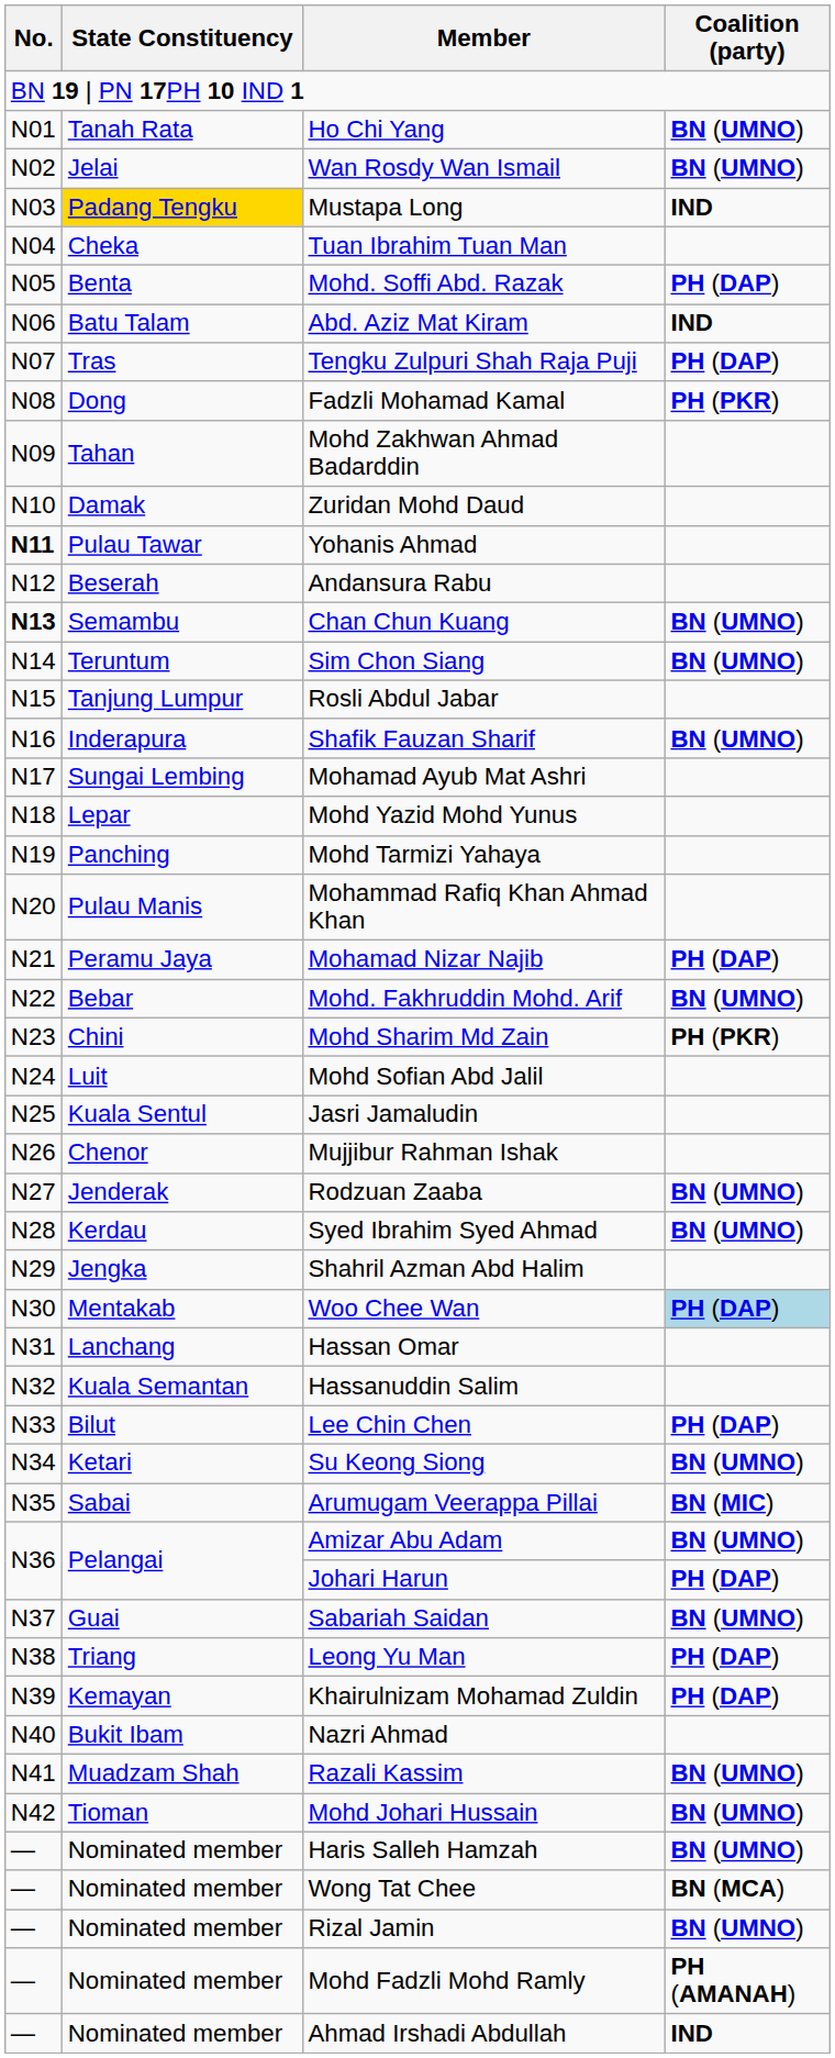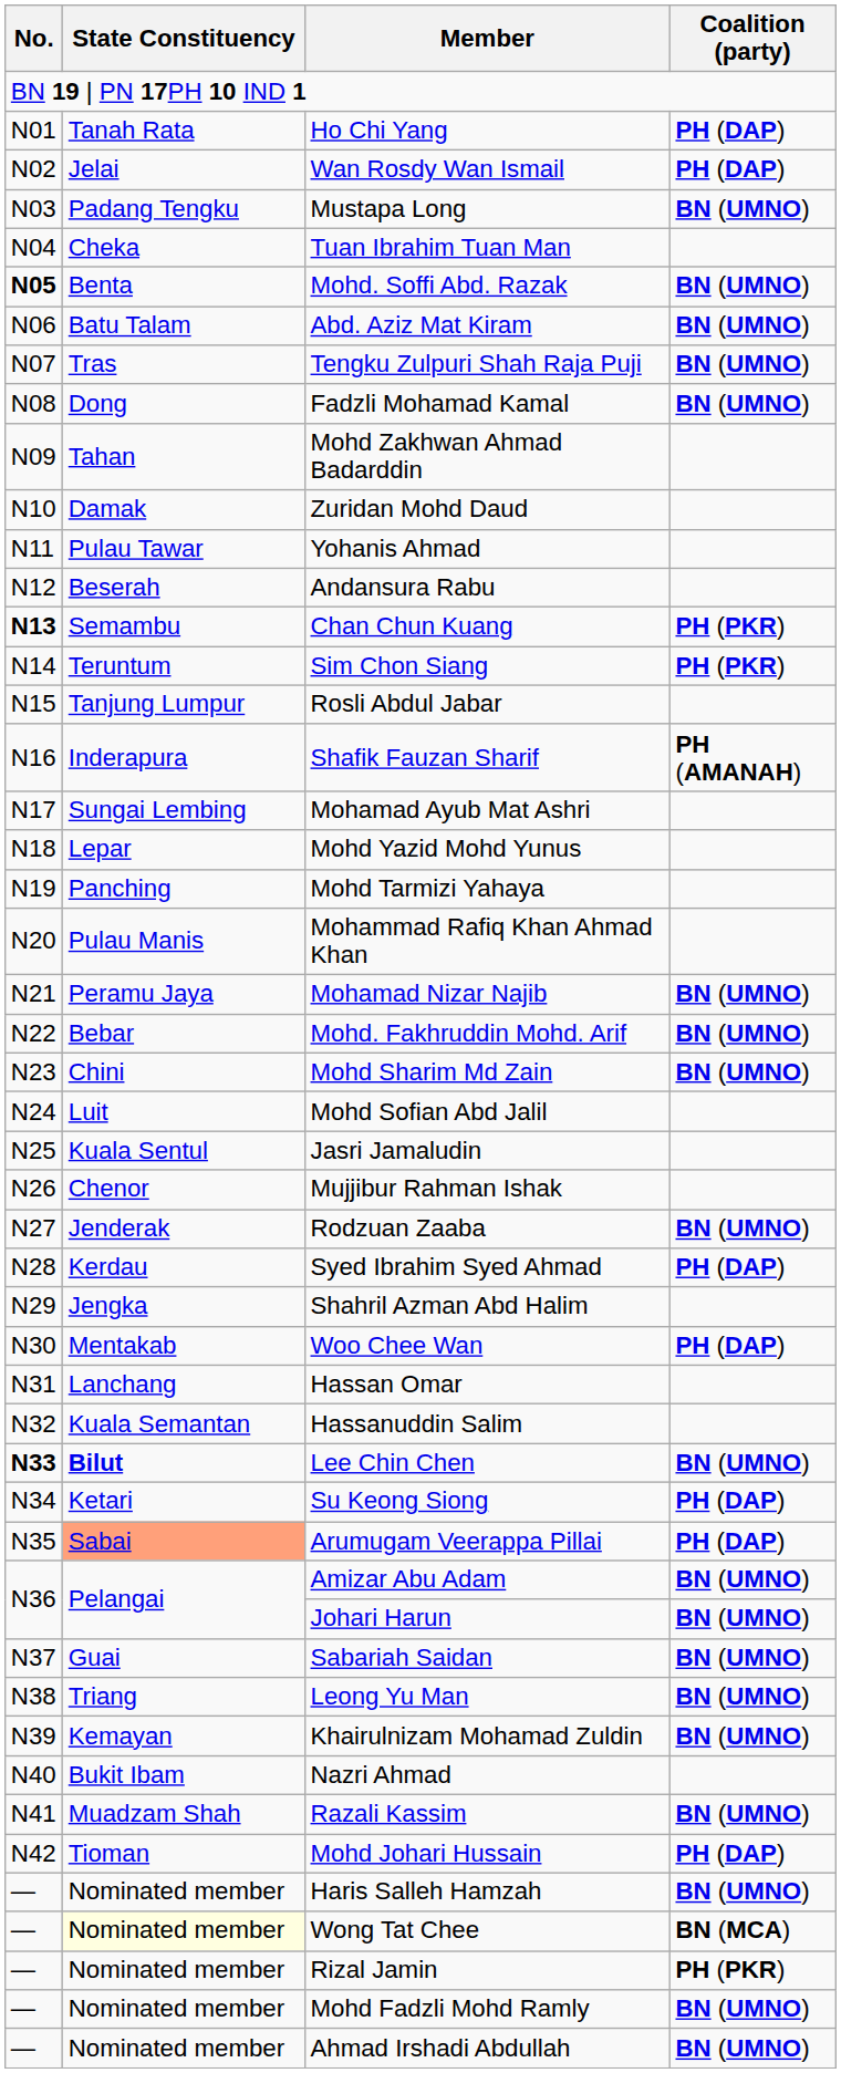 <table class="wikitable sortable">
 <tr>
 <th style="width:30px;">No.</th>
 <th style="width:150px;">State Constituency</th>
 <th style="width:230px;">Member</th>
 <th style="width:100px;">Coalition (party)</th>
 </tr>
 <tr>
 <td colspan="4"><a href='#'>BN</a> <strong>19</strong> | <a href='#'>PN</a> <strong>17</strong><a href='#'>PH</a> <strong>10</strong> <a href='#'>IND</a> <strong>1</strong></td>
 </tr>
 <tr>
 <td>N01</td>
 <td><a href='#'>Tanah Rata</a></td>
 <td><a href='#'>Ho Chi Yang</a></td>
-<td><strong><a href='#'>BN</a></strong> (<strong><a href='#'>UMNO</a></strong>)</td>
+<td><strong><a href='#'>PH</a></strong> (<strong><a href='#'>DAP</a></strong>)</td>
 </tr>
 <tr>
 <td>N02</td>
 <td><a href='#'>Jelai</a></td>
 <td><a href='#'>Wan Rosdy Wan Ismail</a></td>
-<td><strong><a href='#'>BN</a></strong> (<strong><a href='#'>UMNO</a></strong>)</td>
+<td><strong><a href='#'>PH</a></strong> (<strong><a href='#'>DAP</a></strong>)</td>
 </tr>
 <tr>
 <td>N03</td>
-<td style="background: gold;"><a href='#'>Padang Tengku</a></td>
+<td><a href='#'>Padang Tengku</a></td>
 <td>Mustapa Long</td>
-<td><strong>IND</strong></td>
+<td><strong><a href='#'>BN</a></strong> (<strong><a href='#'>UMNO</a></strong>)</td>
 </tr>
 <tr>
 <td>N04</td>
 <td><a href='#'>Cheka</a></td>
 <td><a href='#'>Tuan Ibrahim Tuan Man</a></td>
 <td></td>
 </tr>
 <tr>
-<td>N05</td>
+<td><strong>N05</strong></td>
 <td><a href='#'>Benta</a></td>
 <td><a href='#'>Mohd. Soffi Abd. Razak</a></td>
-<td><strong><a href='#'>PH</a></strong> (<strong><a href='#'>DAP</a></strong>)</td>
+<td><strong><a href='#'>BN</a></strong> (<strong><a href='#'>UMNO</a></strong>)</td>
 </tr>
 <tr>
 <td>N06</td>
 <td><a href='#'>Batu Talam</a></td>
 <td><a href='#'>Abd. Aziz Mat Kiram</a></td>
-<td><strong>IND</strong></td>
+<td><strong><a href='#'>BN</a></strong> (<strong><a href='#'>UMNO</a></strong>)</td>
 </tr>
 <tr>
 <td>N07</td>
 <td><a href='#'>Tras</a></td>
 <td><a href='#'>Tengku Zulpuri Shah Raja Puji</a></td>
-<td><strong><a href='#'>PH</a></strong> (<strong><a href='#'>DAP</a></strong>)</td>
+<td><strong><a href='#'>BN</a></strong> (<strong><a href='#'>UMNO</a></strong>)</td>
 </tr>
 <tr>
 <td>N08</td>
 <td><a href='#'>Dong</a></td>
 <td>Fadzli Mohamad Kamal</td>
-<td><strong><a href='#'>PH</a></strong> (<strong><a href='#'>PKR</a></strong>)</td>
+<td><strong><a href='#'>BN</a></strong> (<strong><a href='#'>UMNO</a></strong>)</td>
 </tr>
 <tr>
 <td>N09</td>
 <td><a href='#'>Tahan</a></td>
 <td>Mohd Zakhwan Ahmad Badarddin</td>
 <td></td>
 </tr>
 <tr>
 <td>N10</td>
 <td><a href='#'>Damak</a></td>
 <td>Zuridan Mohd Daud</td>
 <td></td>
 </tr>
 <tr>
-<td><strong>N11</strong></td>
+<td>N11</td>
 <td><a href='#'>Pulau Tawar</a></td>
 <td>Yohanis Ahmad</td>
 <td></td>
 </tr>
 <tr>
 <td>N12</td>
 <td><a href='#'>Beserah</a></td>
 <td>Andansura Rabu</td>
 <td></td>
 </tr>
 <tr>
 <td><strong>N13</strong></td>
 <td><a href='#'>Semambu</a></td>
 <td><a href='#'>Chan Chun Kuang</a></td>
-<td><strong><a href='#'>BN</a></strong> (<strong><a href='#'>UMNO</a></strong>)</td>
+<td><strong><a href='#'>PH</a></strong> (<strong><a href='#'>PKR</a></strong>)</td>
 </tr>
 <tr>
 <td>N14</td>
 <td><a href='#'>Teruntum</a></td>
 <td><a href='#'>Sim Chon Siang</a></td>
-<td><strong><a href='#'>BN</a></strong> (<strong><a href='#'>UMNO</a></strong>)</td>
+<td><strong><a href='#'>PH</a></strong> (<strong><a href='#'>PKR</a></strong>)</td>
 </tr>
 <tr>
 <td>N15</td>
 <td><a href='#'>Tanjung Lumpur</a></td>
 <td>Rosli Abdul Jabar</td>
 <td></td>
 </tr>
 <tr>
 <td>N16</td>
 <td><a href='#'>Inderapura</a></td>
 <td><a href='#'>Shafik Fauzan Sharif</a></td>
-<td><strong><a href='#'>BN</a></strong> (<strong><a href='#'>UMNO</a></strong>)</td>
+<td><strong>PH</strong> (<strong>AMANAH</strong>)</td>
 </tr>
 <tr>
 <td>N17</td>
 <td><a href='#'>Sungai Lembing</a></td>
 <td>Mohamad Ayub Mat Ashri</td>
 <td></td>
 </tr>
 <tr>
 <td>N18</td>
 <td><a href='#'>Lepar</a></td>
 <td>Mohd Yazid Mohd Yunus</td>
 <td></td>
 </tr>
 <tr>
 <td>N19</td>
 <td><a href='#'>Panching</a></td>
 <td>Mohd Tarmizi Yahaya</td>
 <td></td>
 </tr>
 <tr>
 <td>N20</td>
 <td><a href='#'>Pulau Manis</a></td>
 <td>Mohammad Rafiq Khan Ahmad Khan</td>
 <td></td>
 </tr>
 <tr>
 <td>N21</td>
 <td><a href='#'>Peramu Jaya</a></td>
 <td><a href='#'>Mohamad Nizar Najib</a></td>
-<td><strong><a href='#'>PH</a></strong> (<strong><a href='#'>DAP</a></strong>)</td>
+<td><strong><a href='#'>BN</a></strong> (<strong><a href='#'>UMNO</a></strong>)</td>
 </tr>
 <tr>
 <td>N22</td>
 <td><a href='#'>Bebar</a></td>
 <td><a href='#'>Mohd. Fakhruddin Mohd. Arif</a></td>
 <td><strong><a href='#'>BN</a></strong> (<strong><a href='#'>UMNO</a></strong>)</td>
 </tr>
 <tr>
 <td>N23</td>
 <td><a href='#'>Chini</a></td>
 <td><a href='#'>Mohd Sharim Md Zain</a></td>
-<td><strong>PH</strong> (<strong>PKR</strong>)</td>
+<td><strong><a href='#'>BN</a></strong> (<strong><a href='#'>UMNO</a></strong>)</td>
 </tr>
 <tr>
 <td>N24</td>
 <td><a href='#'>Luit</a></td>
 <td>Mohd Sofian Abd Jalil</td>
 <td></td>
 </tr>
 <tr>
 <td>N25</td>
 <td><a href='#'>Kuala Sentul</a></td>
 <td>Jasri Jamaludin</td>
 <td></td>
 </tr>
 <tr>
 <td>N26</td>
 <td><a href='#'>Chenor</a></td>
 <td>Mujjibur Rahman Ishak</td>
 <td></td>
 </tr>
 <tr>
 <td>N27</td>
 <td><a href='#'>Jenderak</a></td>
 <td>Rodzuan Zaaba</td>
 <td><strong><a href='#'>BN</a></strong> (<strong><a href='#'>UMNO</a></strong>)</td>
 </tr>
 <tr>
 <td>N28</td>
 <td><a href='#'>Kerdau</a></td>
 <td>Syed Ibrahim Syed Ahmad</td>
-<td><strong><a href='#'>BN</a></strong> (<strong><a href='#'>UMNO</a></strong>)</td>
+<td><strong><a href='#'>PH</a></strong> (<strong><a href='#'>DAP</a></strong>)</td>
 </tr>
 <tr>
 <td>N29</td>
 <td><a href='#'>Jengka</a></td>
 <td>Shahril Azman Abd Halim</td>
 <td></td>
 </tr>
 <tr>
 <td>N30</td>
 <td><a href='#'>Mentakab</a></td>
 <td><a href='#'>Woo Chee Wan</a></td>
-<td style="background: lightblue;"><strong><a href='#'>PH</a></strong> (<strong><a href='#'>DAP</a></strong>)</td>
+<td><strong><a href='#'>PH</a></strong> (<strong><a href='#'>DAP</a></strong>)</td>
 </tr>
 <tr>
 <td>N31</td>
 <td><a href='#'>Lanchang</a></td>
 <td>Hassan Omar</td>
 <td></td>
 </tr>
 <tr>
 <td>N32</td>
 <td><a href='#'>Kuala Semantan</a></td>
 <td>Hassanuddin Salim</td>
 <td></td>
 </tr>
 <tr>
-<td>N33</td>
-<td><a href='#'>Bilut</a></td>
+<td><strong>N33</strong></td>
+<td><strong><a href='#'>Bilut</a></strong></td>
 <td><a href='#'>Lee Chin Chen</a></td>
-<td><strong><a href='#'>PH</a></strong> (<strong><a href='#'>DAP</a></strong>)</td>
+<td><strong><a href='#'>BN</a></strong> (<strong><a href='#'>UMNO</a></strong>)</td>
 </tr>
 <tr>
 <td>N34</td>
 <td><a href='#'>Ketari</a></td>
 <td><a href='#'>Su Keong Siong</a></td>
-<td><strong><a href='#'>BN</a></strong> (<strong><a href='#'>UMNO</a></strong>)</td>
+<td><strong><a href='#'>PH</a></strong> (<strong><a href='#'>DAP</a></strong>)</td>
 </tr>
 <tr>
 <td>N35</td>
-<td><a href='#'>Sabai</a></td>
+<td style="background: lightsalmon;"><a href='#'>Sabai</a></td>
 <td><a href='#'>Arumugam Veerappa Pillai</a></td>
-<td><strong><a href='#'>BN</a></strong> (<strong><a href='#'>MIC</a></strong>)</td>
+<td><strong><a href='#'>PH</a></strong> (<strong><a href='#'>DAP</a></strong>)</td>
 </tr>
 <tr>
 <td rowspan=2>N36</td>
 <td rowspan=2><a href='#'>Pelangai</a></td>
 <td><a href='#'>Amizar Abu Adam</a> </td>
 <td><strong><a href='#'>BN</a></strong> (<strong><a href='#'>UMNO</a></strong>)</td>
 </tr>
 <tr>
 <td><a href='#'>Johari Harun</a> </td>
-<td><strong><a href='#'>PH</a></strong> (<strong><a href='#'>DAP</a></strong>)</td>
+<td><strong><a href='#'>BN</a></strong> (<strong><a href='#'>UMNO</a></strong>)</td>
 </tr>
 <tr>
 <td>N37</td>
 <td><a href='#'>Guai</a></td>
 <td><a href='#'>Sabariah Saidan</a></td>
 <td><strong><a href='#'>BN</a></strong> (<strong><a href='#'>UMNO</a></strong>)</td>
 </tr>
 <tr>
 <td>N38</td>
 <td><a href='#'>Triang</a></td>
 <td><a href='#'>Leong Yu Man</a></td>
-<td><strong><a href='#'>PH</a></strong> (<strong><a href='#'>DAP</a></strong>)</td>
+<td><strong><a href='#'>BN</a></strong> (<strong><a href='#'>UMNO</a></strong>)</td>
 </tr>
 <tr>
 <td>N39</td>
 <td><a href='#'>Kemayan</a></td>
 <td>Khairulnizam Mohamad Zuldin</td>
-<td><strong><a href='#'>PH</a></strong> (<strong><a href='#'>DAP</a></strong>)</td>
+<td><strong><a href='#'>BN</a></strong> (<strong><a href='#'>UMNO</a></strong>)</td>
 </tr>
 <tr>
 <td>N40</td>
 <td><a href='#'>Bukit Ibam</a></td>
 <td>Nazri Ahmad</td>
 <td></td>
 </tr>
 <tr>
 <td>N41</td>
 <td><a href='#'>Muadzam Shah</a></td>
 <td><a href='#'>Razali Kassim</a></td>
 <td><strong><a href='#'>BN</a></strong> (<strong><a href='#'>UMNO</a></strong>)</td>
 </tr>
 <tr>
 <td>N42</td>
 <td><a href='#'>Tioman</a></td>
 <td><a href='#'>Mohd Johari Hussain</a> </td>
-<td><strong><a href='#'>BN</a></strong> (<strong><a href='#'>UMNO</a></strong>)</td>
+<td><strong><a href='#'>PH</a></strong> (<strong><a href='#'>DAP</a></strong>)</td>
 </tr>
 <tr>
 <td>—</td>
 <td>Nominated member</td>
 <td>Haris Salleh Hamzah</td>
 <td><strong><a href='#'>BN</a></strong> (<strong><a href='#'>UMNO</a></strong>)</td>
 </tr>
 <tr>
 <td>—</td>
-<td>Nominated member</td>
+<td style="background: lightyellow;">Nominated member</td>
 <td>Wong Tat Chee</td>
 <td><strong>BN</strong> (<strong>MCA</strong>)</td>
 </tr>
 <tr>
 <td>—</td>
 <td>Nominated member</td>
 <td>Rizal Jamin</td>
+<td><strong>PH</strong> (<strong>PKR</strong>)</td>
+</tr>
+<tr>
+<td>—</td>
+<td>Nominated member</td>
+<td>Mohd Fadzli Mohd Ramly</td>
 <td><strong><a href='#'>BN</a></strong> (<strong><a href='#'>UMNO</a></strong>)</td>
 </tr>
 <tr>
 <td>—</td>
 <td>Nominated member</td>
-<td>Mohd Fadzli Mohd Ramly</td>
-<td><strong>PH</strong> (<strong>AMANAH</strong>)</td>
-</tr>
-<tr>
-<td>—</td>
-<td>Nominated member</td>
 <td>Ahmad Irshadi Abdullah</td>
-<td><strong>IND</strong></td>
+<td><strong><a href='#'>BN</a></strong> (<strong><a href='#'>UMNO</a></strong>)</td>
 </tr>
 <tr>
 </tr>
 </table>
